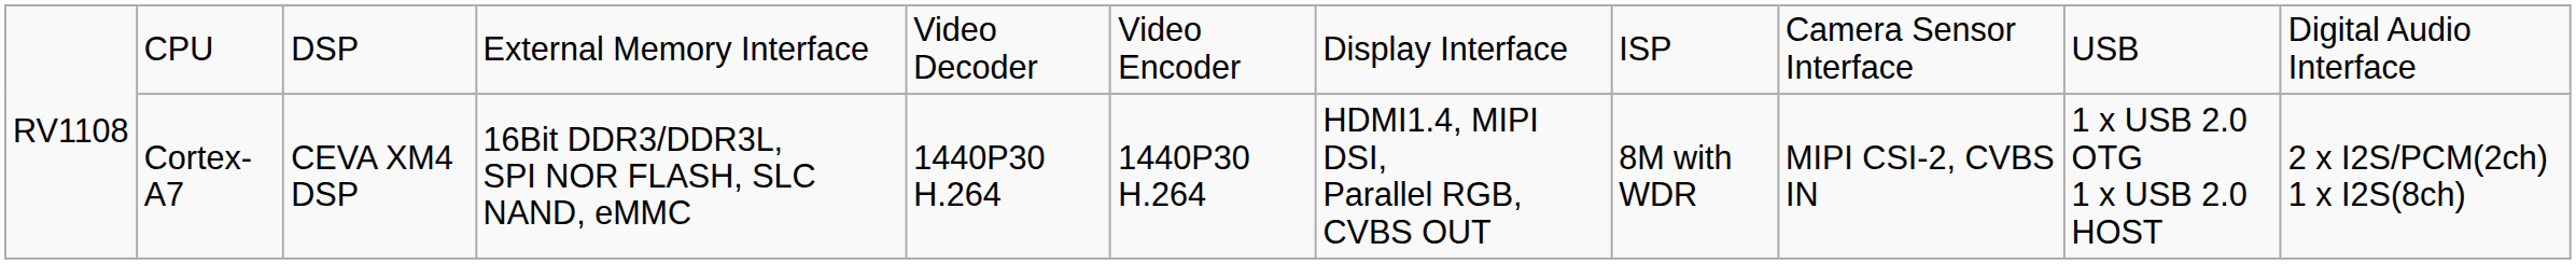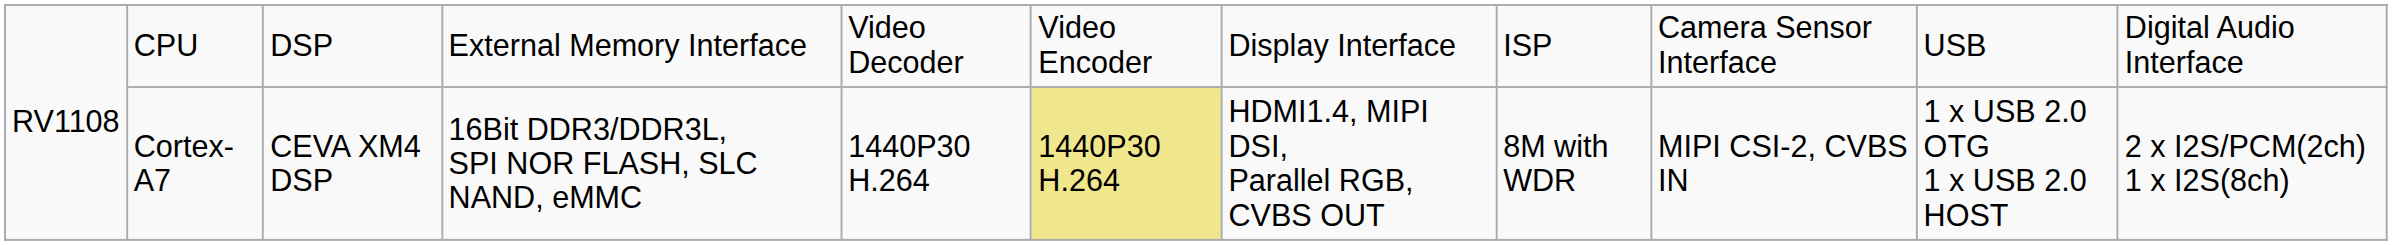 <table class="wikitable">
 <tr>
 <td rowspan="2">RV1108</td>
 <td>CPU</td>
 <td>DSP</td>
 <td>External Memory  Interface</td>
 <td>Video Decoder</td>
 <td>Video Encoder</td>
 <td>Display  Interface</td>
 <td>ISP</td>
 <td>Camera Sensor  Interface</td>
 <td>USB</td>
 <td>Digital Audio  Interface</td>
 </tr>
 <tr>
 <td>Cortex-A7</td>
 <td>CEVA  XM4 DSP</td>
 <td>16Bit  DDR3/DDR3L,<br>SPI NOR FLASH, SLC NAND, eMMC</td>
 <td>1440P30  H.264</td>
-<td>1440P30  H.264</td>
+<td style="background: khaki;">1440P30  H.264</td>
 <td>HDMI1.4, MIPI DSI,<br>Parallel RGB, CVBS OUT</td>
 <td>8M with WDR</td>
 <td>MIPI  CSI-2, CVBS IN</td>
 <td>1  x USB 2.0 OTG<br>1 x USB 2.0 HOST</td>
 <td>2  x I2S/PCM(2ch)<br>1 x I2S(8ch)</td>
 </tr>
 </table>
